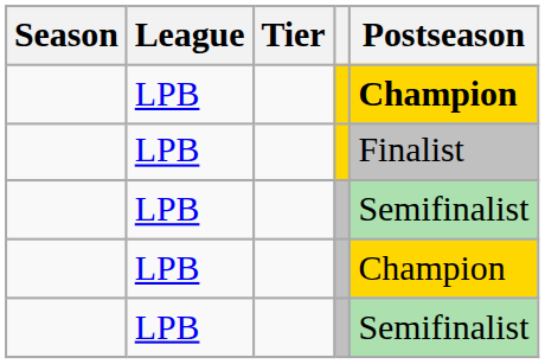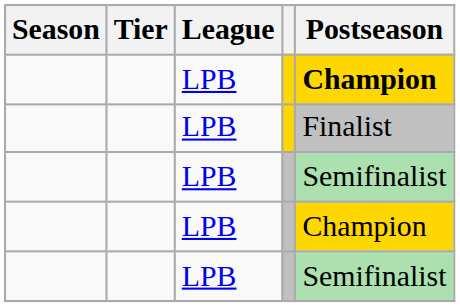 <table class="wikitable" style="font-size:90%;">
 <tr>
 <th>Season</th>
+<th>Tier</th>
 <th>League</th>
-<th>Tier</th>
 <th></th>
 <th>Postseason</th>
 </tr>
 <tr>
 <td></td>
+<td></td>
 <td><a href='#'>LPB</a></td>
-<td></td>
 <td style="background:gold;"></td>
 <td style="background:gold"><strong>Champion</strong></td>
 </tr>
 <tr>
 <td></td>
+<td></td>
 <td><a href='#'>LPB</a></td>
-<td></td>
 <td style="background:gold;"></td>
 <td style="background:silver">Finalist</td>
 </tr>
 <tr>
 <td></td>
+<td></td>
 <td><a href='#'>LPB</a></td>
-<td></td>
 <td style="background:silver;"></td>
 <td style="background:#ACE1AF">Semifinalist</td>
 </tr>
 <tr>
 <td></td>
+<td></td>
 <td><a href='#'>LPB</a></td>
-<td></td>
 <td style="background:silver;"></td>
 <td style="background:gold">Champion</td>
 </tr>
 <tr>
 <td></td>
+<td></td>
 <td><a href='#'>LPB</a></td>
-<td></td>
 <td style="background:silver;"></td>
 <td style="background:#ACE1AF">Semifinalist</td>
 </tr>
 </table>
